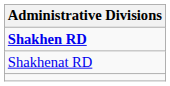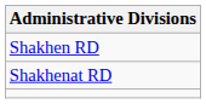 <table class="wikitable">
 <tr>
 <th>Administrative Divisions</th>
 </tr>
 <tr>
-<td><strong><a href='#'>Shakhen RD</a></strong></td>
+<td><a href='#'>Shakhen RD</a></td>
 </tr>
 <tr>
 <td><a href='#'>Shakhenat RD</a></td>
 </tr>
 <tr>
 <td colspan=1></td>
 </tr>
 </table>
